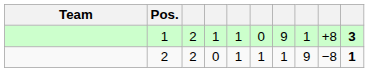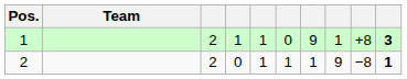 <table class="wikitable" style="text-align:center">
 <tr>
+<th width=30>Pos.</th>
 <th width=165>Team</th>
-<th width=30>Pos.</th>
 <th width=20></th>
 <th width=20></th>
 <th width=20></th>
 <th width=20></th>
 <th width=20></th>
 <th width=20></th>
 <th width=20></th>
 <th width=20></th>
 </tr>
 <tr style="background:#cfc">
+<td>1</td>
 <td style="text-align:left"></td>
-<td>1</td>
 <td>2</td>
 <td>1</td>
 <td>1</td>
 <td>0</td>
 <td>9</td>
 <td>1</td>
 <td>+8</td>
 <td><strong>3</strong></td>
 </tr>
 <tr>
+<td>2</td>
 <td style="text-align:left"></td>
-<td>2</td>
 <td>2</td>
 <td>0</td>
 <td>1</td>
 <td>1</td>
 <td>1</td>
 <td>9</td>
 <td>−8</td>
 <td><strong>1</strong></td>
 </tr>
 </table>
